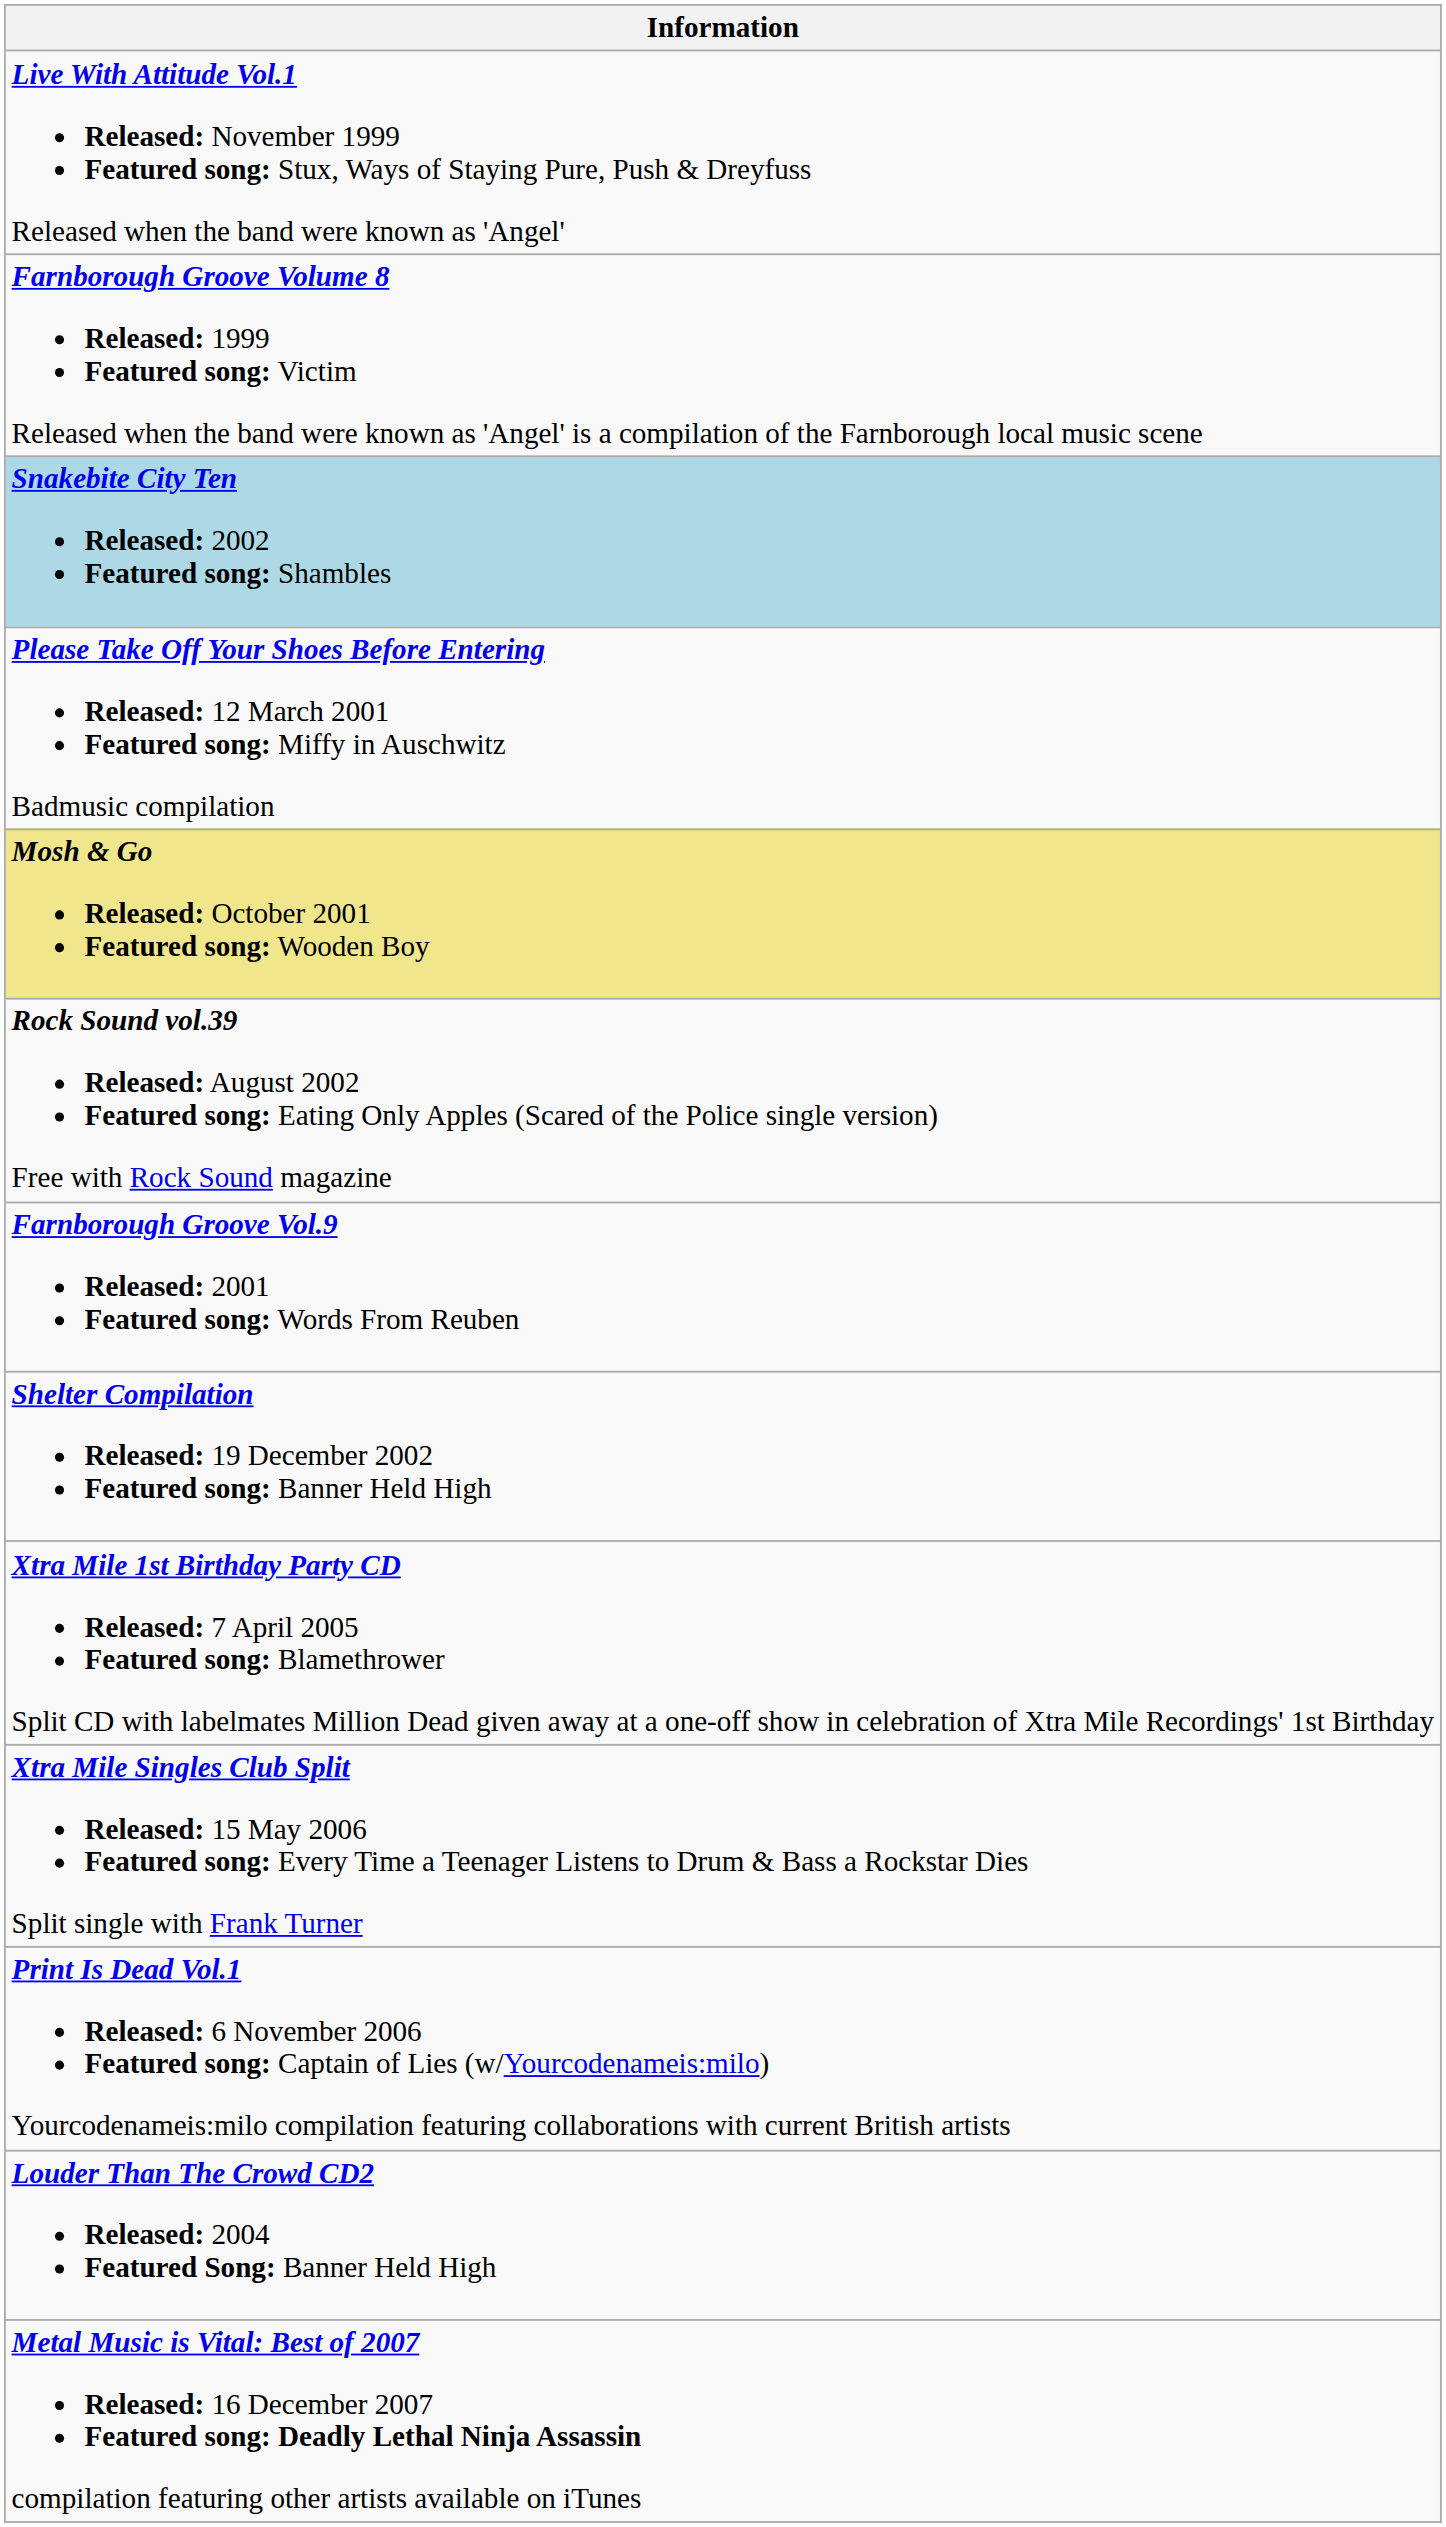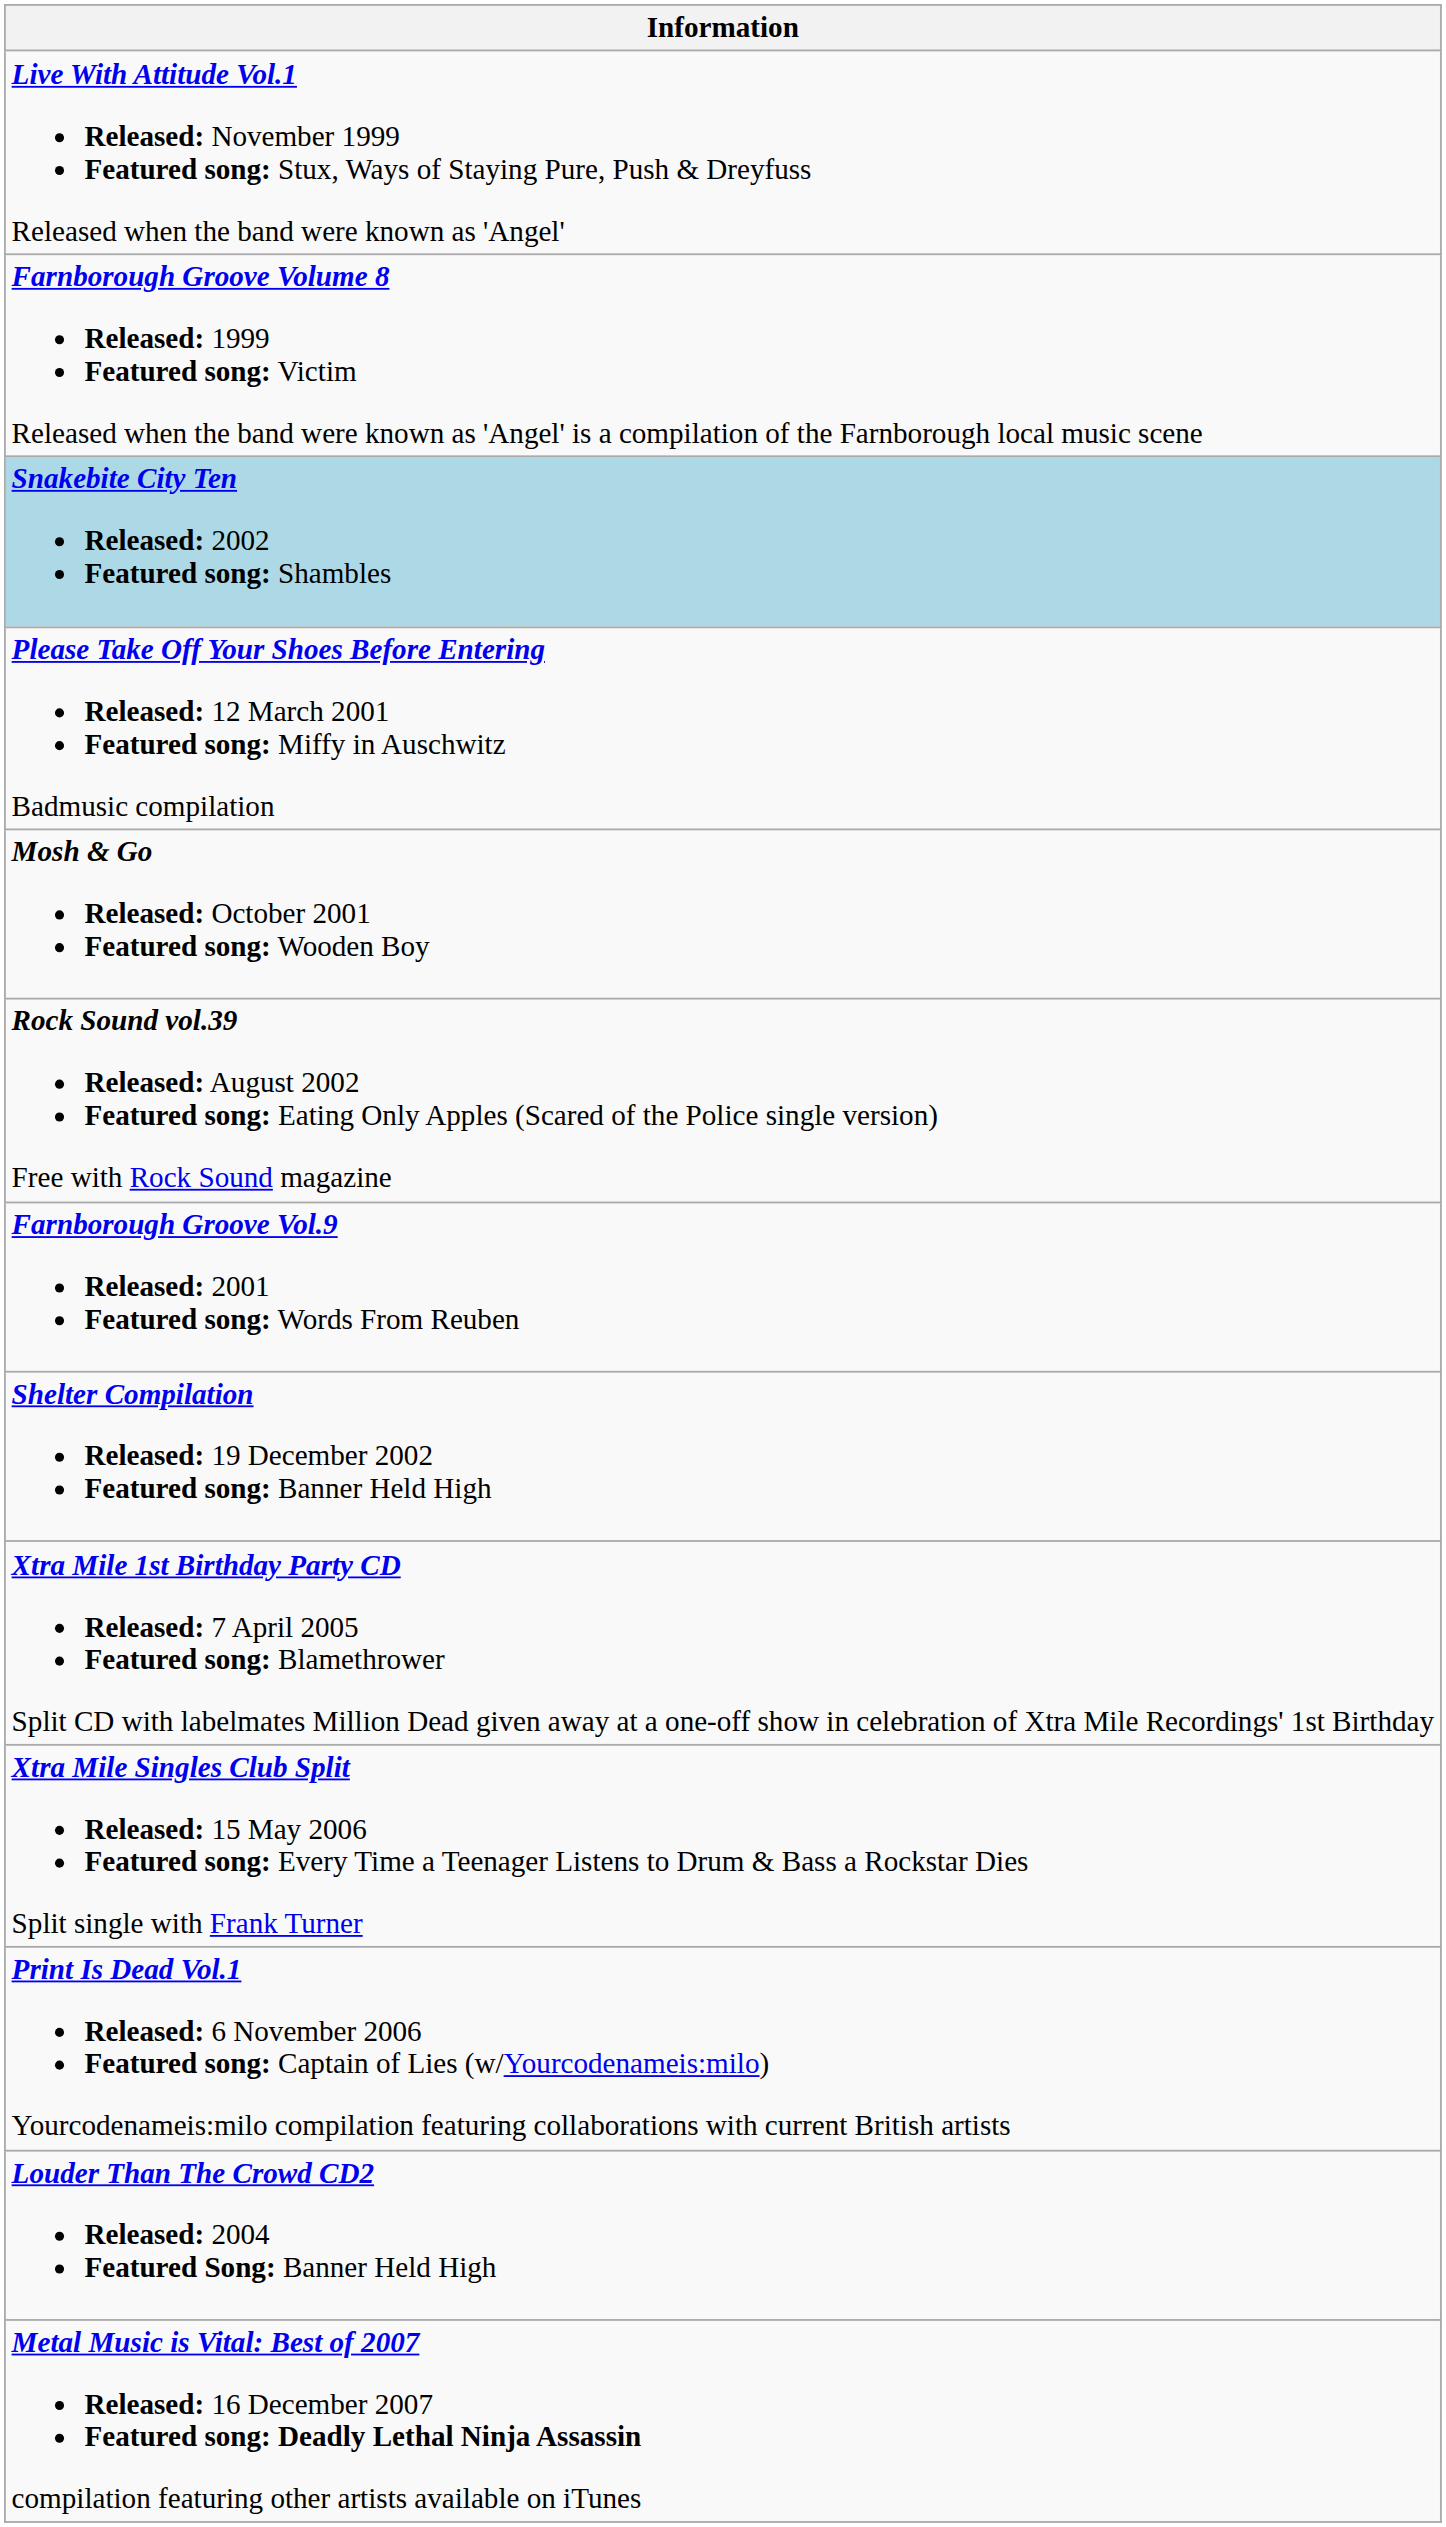 <table class="wikitable">
 <tr>
 <th>Information</th>
 </tr>
 <tr style="vertical-align:middle;">
 <td><strong><em><a href='#'>Live With Attitude Vol.1</a></em></strong><br><ul><li><strong>Released:</strong> November 1999</li><li><strong>Featured song:</strong> Stux, Ways of Staying Pure, Push & Dreyfuss</li></ul>Released when the band were known as 'Angel'</td>
 </tr>
 <tr style="vertical-align:middle;">
 <td><strong><em><a href='#'>Farnborough Groove Volume 8</a></em></strong><br><ul><li><strong>Released:</strong> 1999</li><li><strong>Featured song:</strong> Victim</li></ul>Released when the band were known as 'Angel'  is a compilation of the Farnborough local music scene</td>
 </tr>
 <tr style="vertical-align:middle;">
 <td style="background: lightblue;"><strong><em><a href='#'>Snakebite City Ten</a></em></strong><br><ul><li><strong>Released:</strong> 2002</li><li><strong>Featured song:</strong> Shambles</li></ul></td>
 </tr>
 <tr style="vertical-align:middle;">
 <td><strong><em><a href='#'>Please Take Off Your Shoes Before Entering</a></em></strong><br><ul><li><strong>Released:</strong> 12 March 2001</li><li><strong>Featured song:</strong> Miffy in Auschwitz</li></ul>Badmusic compilation</td>
 </tr>
 <tr style="vertical-align:middle;">
-<td style="background: khaki;"><strong><em>Mosh & Go</em></strong><br><ul><li><strong>Released:</strong> October 2001</li><li><strong>Featured song:</strong> Wooden Boy</li></ul></td>
+<td><strong><em>Mosh & Go</em></strong><br><ul><li><strong>Released:</strong> October 2001</li><li><strong>Featured song:</strong> Wooden Boy</li></ul></td>
 </tr>
 <tr style="vertical-align:middle;">
 <td><strong><em>Rock Sound vol.39</em></strong><br><ul><li><strong>Released:</strong> August 2002</li><li><strong>Featured song:</strong> Eating Only Apples (Scared of the Police single version)</li></ul>Free with <a href='#'>Rock Sound</a> magazine</td>
 </tr>
 <tr style="vertical-align:middle;">
 <td><strong><em><a href='#'>Farnborough Groove Vol.9</a></em></strong><br><ul><li><strong>Released:</strong> 2001</li><li><strong>Featured song:</strong> Words From Reuben</li></ul></td>
 </tr>
 <tr style="vertical-align:middle;">
 <td><strong><em><a href='#'>Shelter Compilation</a></em></strong><br><ul><li><strong>Released:</strong> 19 December 2002</li><li><strong>Featured song:</strong> Banner Held High</li></ul></td>
 </tr>
 <tr style="vertical-align:middle;">
 <td><strong><em><a href='#'>Xtra Mile 1st Birthday Party CD</a></em></strong><br><ul><li><strong>Released:</strong> 7 April 2005</li><li><strong>Featured song:</strong> Blamethrower</li></ul>Split CD with labelmates Million Dead given away at a one-off show in celebration of Xtra Mile Recordings' 1st Birthday</td>
 </tr>
 <tr style="vertical-align:middle;">
 <td><strong><em><a href='#'>Xtra Mile Singles Club Split</a></em></strong><br><ul><li><strong>Released:</strong> 15 May 2006</li><li><strong>Featured song:</strong> Every Time a Teenager Listens to Drum & Bass a Rockstar Dies</li></ul>Split single with <a href='#'>Frank Turner</a></td>
 </tr>
 <tr style="vertical-align:middle;">
 <td><strong><em><a href='#'>Print Is Dead Vol.1</a></em></strong><br><ul><li><strong>Released:</strong> 6 November 2006</li><li><strong>Featured song:</strong> Captain of Lies (w/<a href='#'>Yourcodenameis:milo</a>)</li></ul>Yourcodenameis:milo compilation featuring collaborations with current British artists</td>
 </tr>
 <tr style="vertical-align:middle;">
 <td><strong><em><a href='#'>Louder Than The Crowd CD2</a></em></strong><br><ul><li><strong>Released:</strong> 2004</li><li><strong>Featured Song:</strong> Banner Held High</li></ul></td>
 </tr>
 <tr style="vertical-align:middle;">
 <td><strong><em><a href='#'>Metal Music is Vital: Best of 2007</a></em></strong><br><ul><li><strong>Released:</strong> 16 December 2007</li><li><strong>Featured song: Deadly Lethal Ninja Assassin</strong></li></ul>compilation featuring other artists available on iTunes</td>
 </tr>
 </table>
